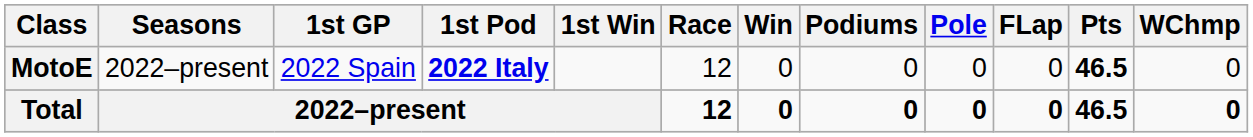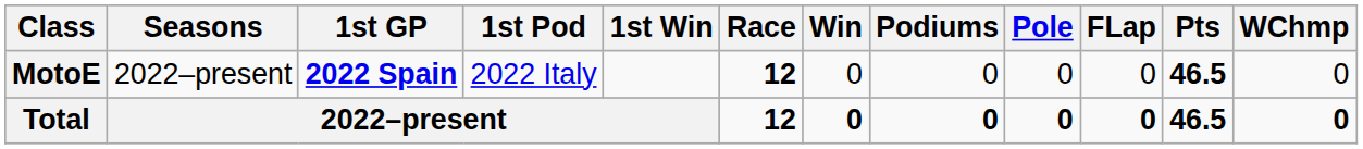 <table class="wikitable" style=text-align:right>
 <tr>
 <th>Class</th>
 <th>Seasons</th>
 <th>1st GP</th>
 <th>1st Pod</th>
 <th>1st Win</th>
 <th>Race</th>
 <th>Win</th>
 <th>Podiums</th>
 <th><a href='#'>Pole</a></th>
 <th>FLap</th>
 <th>Pts</th>
 <th>WChmp</th>
 </tr>
 <tr>
 <th>MotoE</th>
 <td>2022–present</td>
-<td align="left"><a href='#'>2022 Spain</a></td>
-<td align="left"><strong><a href='#'>2022 Italy</a></strong></td>
+<td align="left"><strong><a href='#'>2022 Spain</a></strong></td>
+<td align="left"><a href='#'>2022 Italy</a></td>
 <td align="left"></td>
-<td>12</td>
+<td><strong>12</strong></td>
 <td>0</td>
 <td>0</td>
 <td>0</td>
 <td>0</td>
 <td><strong>46.5</strong></td>
 <td>0</td>
 </tr>
 <tr>
 <th>Total</th>
 <th colspan=4>2022–present</th>
 <td><strong>12</strong></td>
 <td><strong>0</strong></td>
 <td><strong>0</strong></td>
 <td><strong>0</strong></td>
 <td><strong>0</strong></td>
 <td><strong>46.5</strong></td>
 <td><strong>0</strong></td>
 </tr>
 </table>
